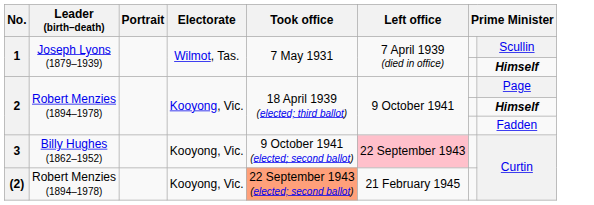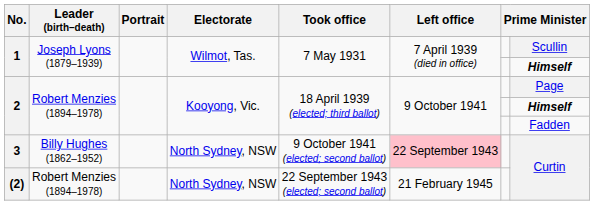 <table class="wikitable" style="text-align:center">
 <tr>
 <th>No.</th>
 <th>Leader<br><small>(birth–death)</small></th>
 <th>Portrait</th>
 <th>Electorate</th>
 <th>Took office</th>
 <th>Left office</th>
 <th colspan="2">Prime Minister </th>
 </tr>
 <tr>
 <th rowspan="2">1</th>
 <td rowspan="2"><a href='#'>Joseph Lyons</a><br><small>(1879–1939)</small></td>
 <td rowspan="2"></td>
 <td rowspan="2"><a href='#'>Wilmot</a>, Tas.</td>
 <td rowspan="2">7 May 1931</td>
 <td rowspan="2">7 April 1939 <br> <small><em>(died in office)</em></small></td>
 <td height=20 style="background-color: "></td>
 <th style="font-weight:normal"><a href='#'>Scullin</a> <small></small></th>
 </tr>
 <tr>
 <td style="background-color: "></td>
 <td><strong><em>Himself</em></strong> </td>
 </tr>
 <tr>
 <th rowspan="3">2</th>
 <td rowspan="3"><a href='#'>Robert Menzies</a><br><small>(1894–1978)</small></td>
 <td rowspan="3"></td>
 <td rowspan="3"><a href='#'>Kooyong</a>, Vic.</td>
 <td rowspan="3">18 April 1939 <br> <small><em>(<a href='#'>elected; third ballot</a>)</em></small></td>
 <td rowspan="3">9 October 1941</td>
 <td height=20 style="background-color: "></td>
 <th style="font-weight:normal"><a href='#'>Page</a> <small></small></th>
 </tr>
 <tr>
 <td style="background-color: "></td>
 <td><strong><em>Himself</em></strong> </td>
 </tr>
 <tr>
 <td style="background-color: "></td>
 <td><a href='#'>Fadden</a> <small></small></td>
 </tr>
 <tr>
 <th>3</th>
 <td><a href='#'>Billy Hughes</a><br><small>(1862–1952)</small></td>
 <td></td>
-<td>Kooyong, Vic.</td>
+<td><a href='#'>North Sydney</a>, NSW</td>
 <td>9 October 1941 <br> <small><em>(<a href='#'>elected; second ballot</a>)</em></small></td>
 <td style="background: pink;">22 September 1943</td>
 <td style="background-color: "></td>
 <th style="font-weight:normal" rowspan="2"><a href='#'>Curtin</a> </th>
 </tr>
 <tr>
 <th>(2)</th>
 <td>Robert Menzies<br><small>(1894–1978)</small></td>
 <td></td>
-<td>Kooyong, Vic.</td>
-<td style="background: lightsalmon;">22 September 1943 <br> <small><em>(<a href='#'>elected; second ballot</a>)</em></small></td>
+<td><a href='#'>North Sydney</a>, NSW</td>
+<td>22 September 1943 <br> <small><em>(<a href='#'>elected; second ballot</a>)</em></small></td>
 <td>21 February 1945</td>
 <td height=20 style="background-color: "></td>
 </tr>
 </table>
